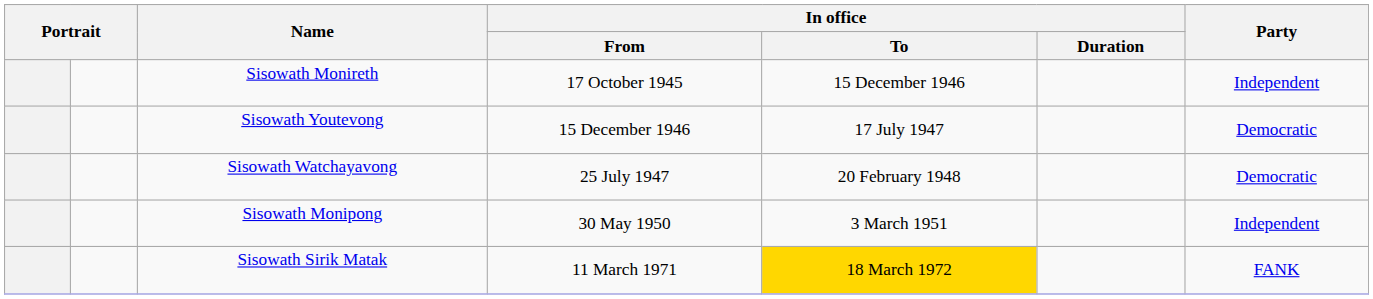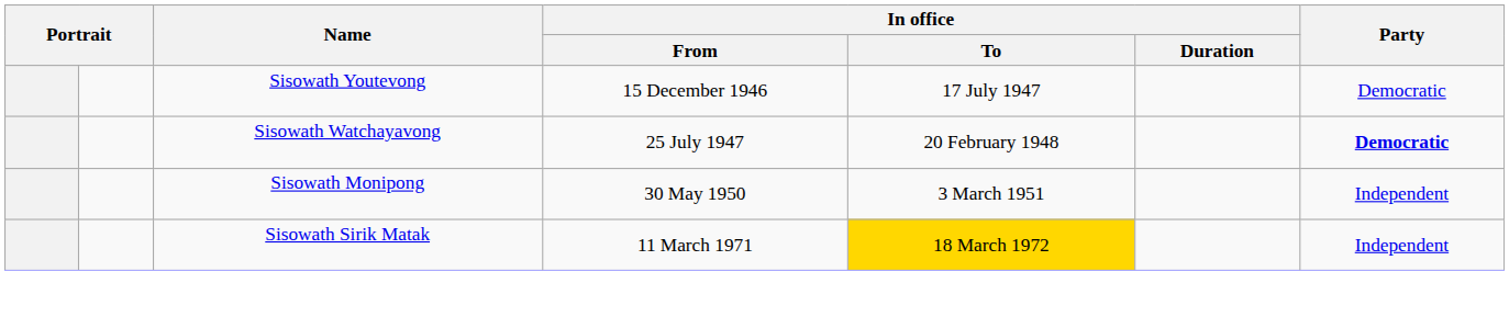 <table class="wikitable sortable" style="text-align:center; font-size:100%; width:100%; border:1px #AAAAFF solid">
 <tr>
 <th colspan="2" rowspan="2">Portrait</th>
 <th rowspan="2">Name</th>
 <th colspan="3">In office</th>
 <th rowspan="2">Party</th>
 </tr>
 <tr>
 <th>From</th>
 <th>To</th>
 <th>Duration</th>
-</tr>
-<tr>
-<th style="background:"></th>
-<td></td>
-<td><a href='#'>Sisowath Monireth</a><br><br></td>
-<td>17 October 1945</td>
-<td>15 December 1946</td>
-<td></td>
-<td><a href='#'>Independent</a></td>
 </tr>
 <tr>
 <th style="background:"></th>
 <td></td>
 <td><a href='#'>Sisowath Youtevong</a><br><br></td>
 <td>15 December 1946</td>
 <td>17 July 1947</td>
 <td></td>
 <td><a href='#'>Democratic</a></td>
 </tr>
 <tr>
 <th style="background:"></th>
 <td></td>
 <td><a href='#'>Sisowath Watchayavong</a><br><br></td>
 <td>25 July 1947</td>
 <td>20 February 1948</td>
 <td></td>
-<td><a href='#'>Democratic</a></td>
+<td><strong><a href='#'>Democratic</a></strong></td>
 </tr>
 <tr>
 <th style="background:"></th>
 <td></td>
 <td><a href='#'>Sisowath Monipong</a><br><br></td>
 <td>30 May 1950</td>
 <td>3 March 1951</td>
 <td></td>
 <td><a href='#'>Independent</a></td>
 </tr>
 <tr>
 <th style="background:"></th>
 <td></td>
 <td><a href='#'>Sisowath Sirik Matak</a><br><br></td>
 <td>11 March 1971</td>
 <td style="background: gold;">18 March 1972</td>
 <td></td>
-<td><a href='#'>FANK</a><br></td>
+<td><a href='#'>Independent</a></td>
 </tr>
 <tr>
 </tr>
 </table>
